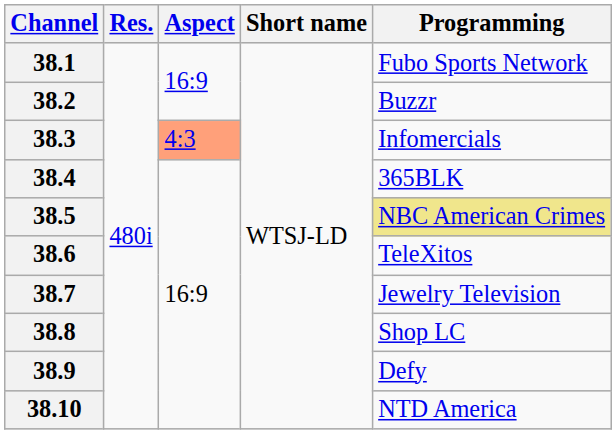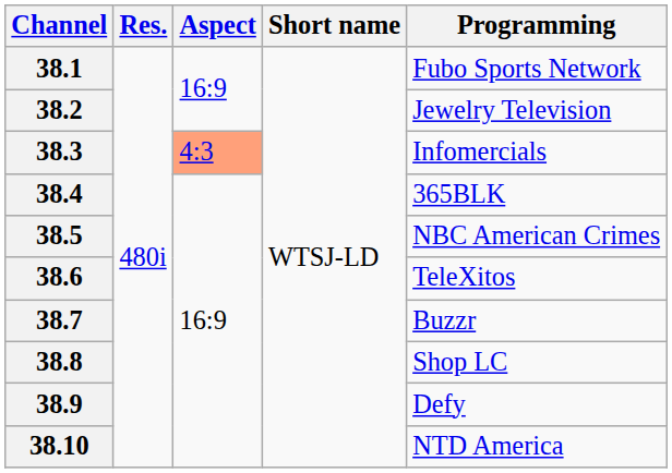 <table class="wikitable">
 <tr>
 <th scope = "col"><a href='#'>Channel</a></th>
 <th scope = "col"><a href='#'>Res.</a></th>
 <th scope = "col"><a href='#'>Aspect</a></th>
 <th scope = "col">Short name</th>
 <th scope = "col">Programming</th>
 </tr>
 <tr>
 <th scope = "row">38.1</th>
 <td rowspan="10"><a href='#'>480i</a></td>
 <td rowspan="2"><a href='#'>16:9</a></td>
 <td rowspan="10">WTSJ-LD</td>
 <td><a href='#'>Fubo Sports Network</a></td>
 </tr>
 <tr>
 <th scope = "row">38.2</th>
-<td><a href='#'>Buzzr</a></td>
+<td><a href='#'>Jewelry Television</a></td>
 </tr>
 <tr>
 <th scope = "row">38.3</th>
 <td style="background: lightsalmon;"><a href='#'>4:3</a></td>
 <td><a href='#'>Infomercials</a></td>
 </tr>
 <tr>
 <th scope = "row">38.4</th>
 <td rowspan="7">16:9</td>
 <td><a href='#'>365BLK</a></td>
 </tr>
 <tr>
 <th scope = "row">38.5</th>
-<td style="background: khaki;"><a href='#'>NBC American Crimes</a></td>
+<td><a href='#'>NBC American Crimes</a></td>
 </tr>
 <tr>
 <th scope = "row">38.6</th>
 <td><a href='#'>TeleXitos</a></td>
 </tr>
 <tr>
 <th scope = "row">38.7</th>
-<td><a href='#'>Jewelry Television</a></td>
+<td><a href='#'>Buzzr</a></td>
 </tr>
 <tr>
 <th scope = "row">38.8</th>
 <td><a href='#'>Shop LC</a></td>
 </tr>
 <tr>
 <th scope = "row">38.9</th>
 <td><a href='#'>Defy</a></td>
 </tr>
 <tr>
 <th scope = "row">38.10</th>
 <td><a href='#'>NTD America</a></td>
 </tr>
 </table>
